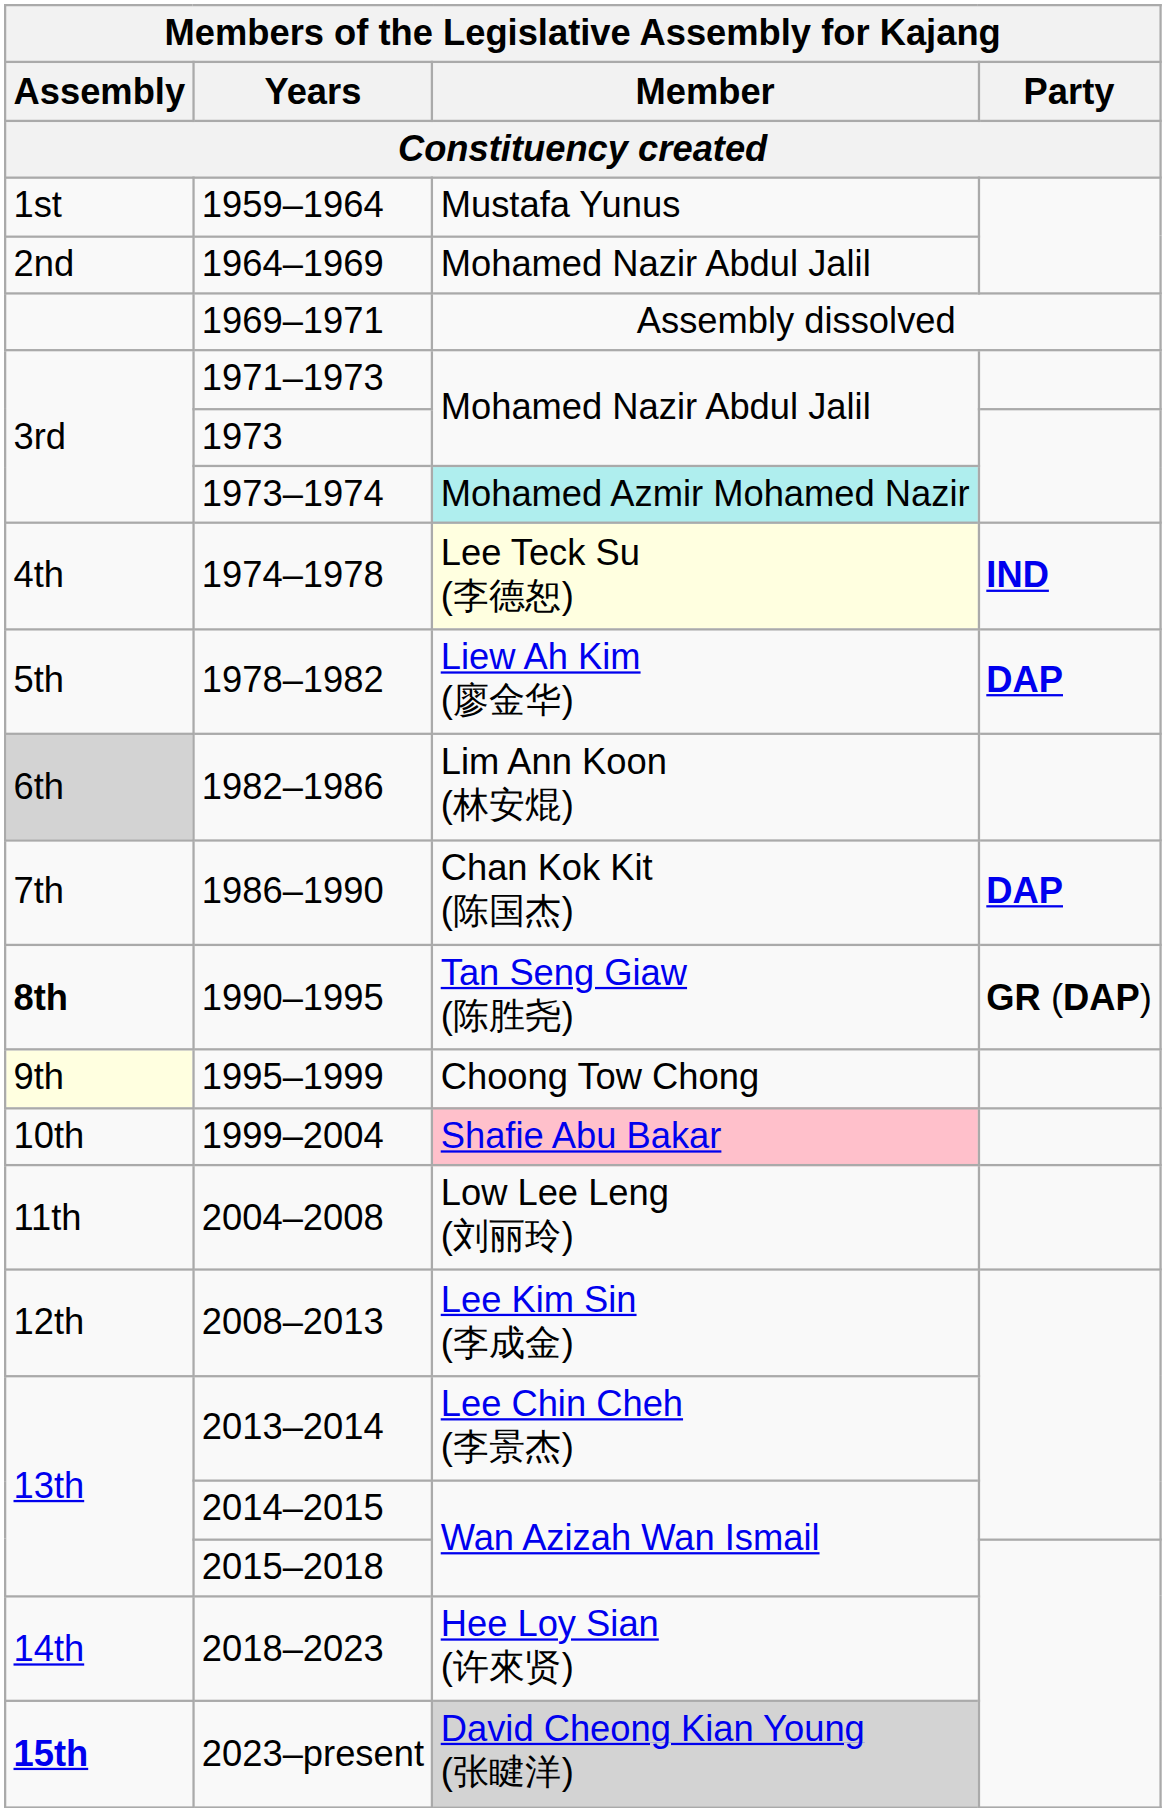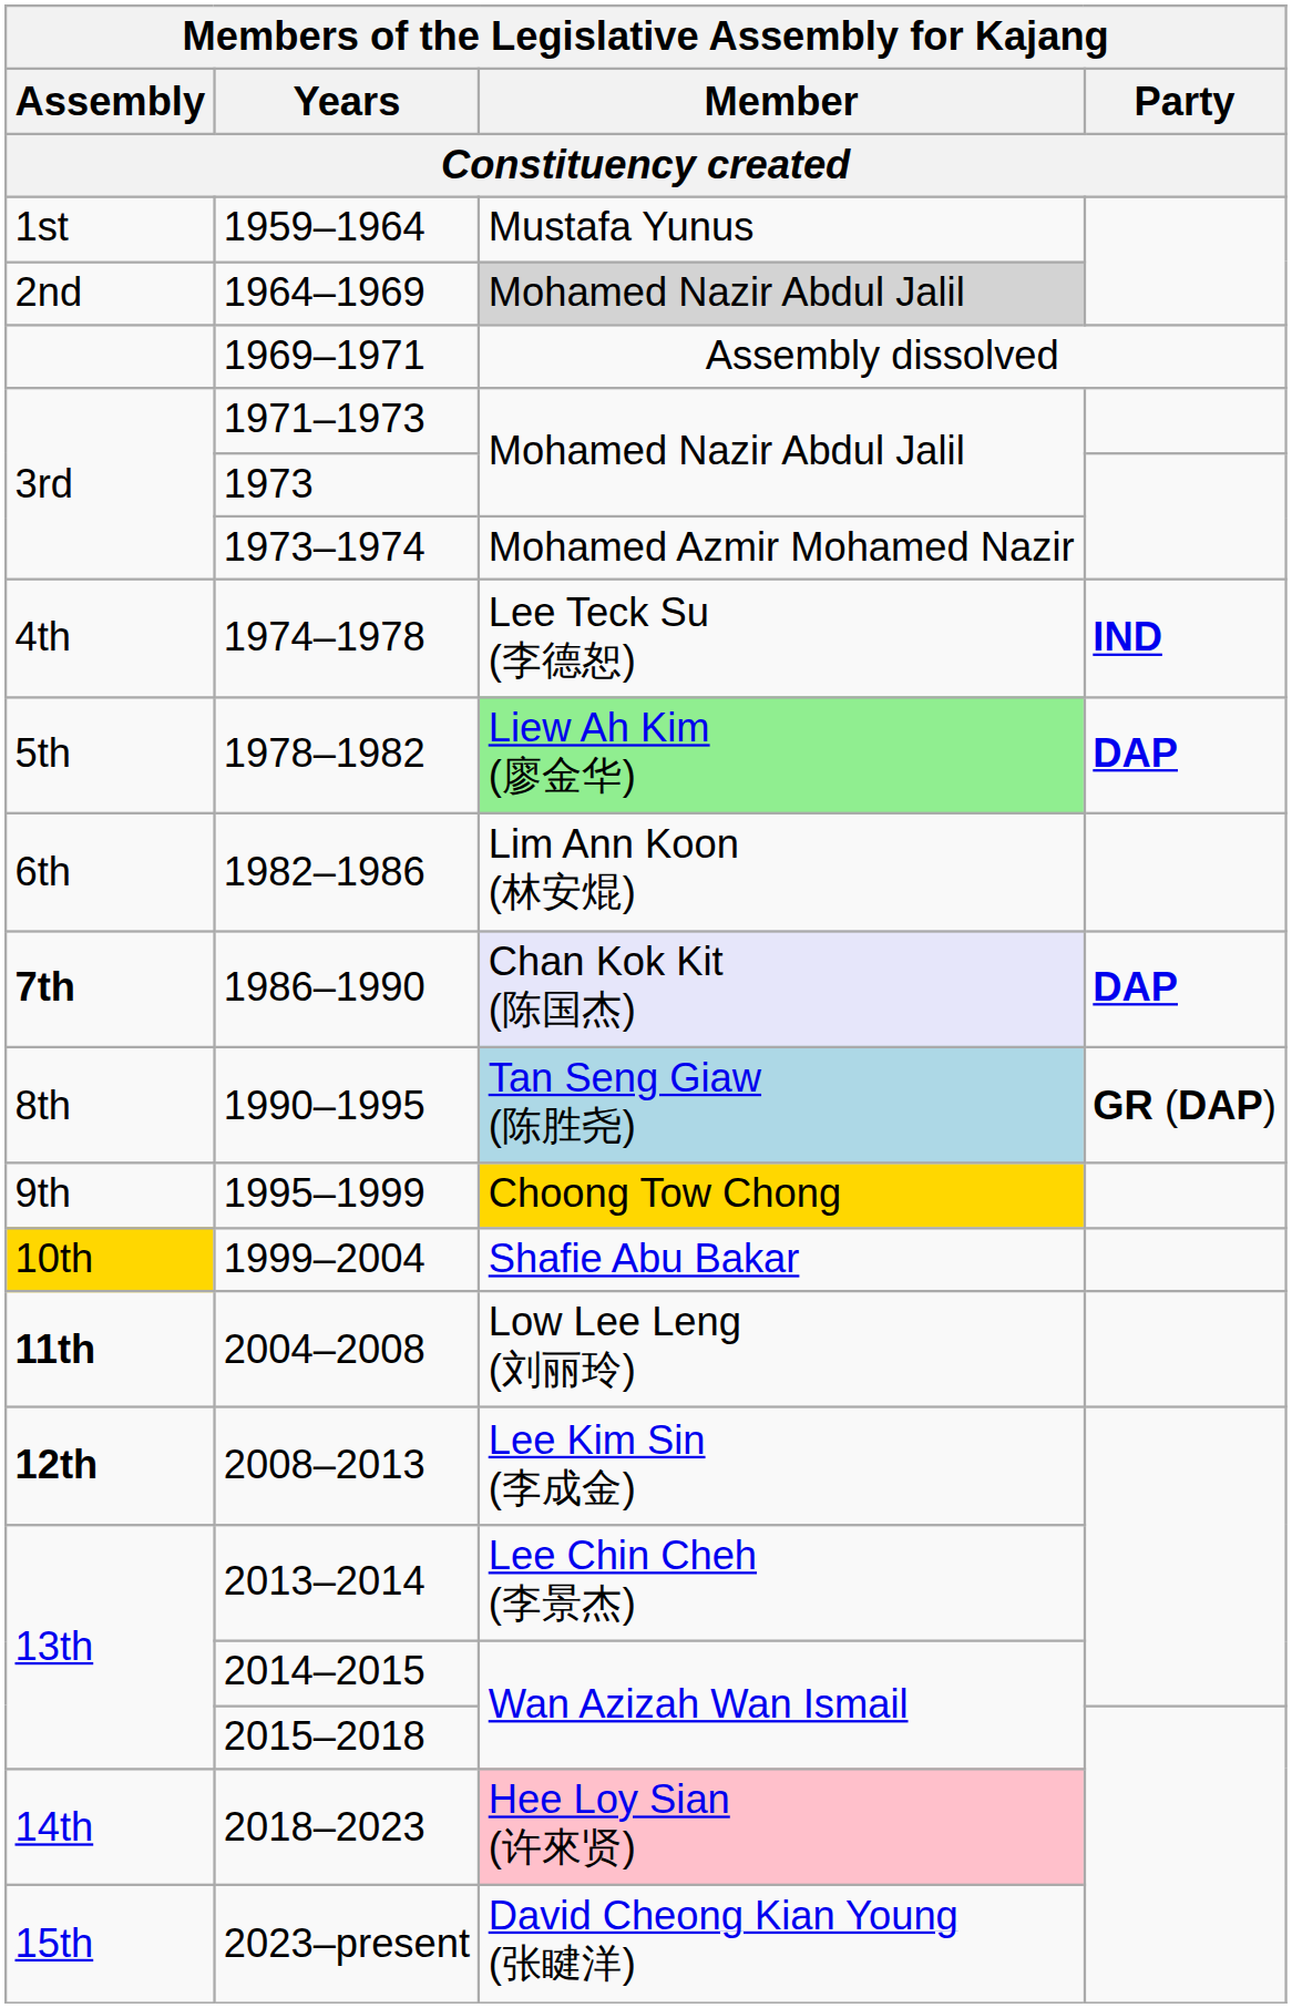 <table class=wikitable>
 <tr>
 <th colspan=4>Members of the Legislative Assembly for Kajang</th>
 </tr>
 <tr>
 <th>Assembly</th>
 <th>Years</th>
 <th>Member</th>
 <th>Party</th>
 </tr>
 <tr>
 <th colspan=4 align=center><em>Constituency created</em></th>
 </tr>
 <tr>
 <td>1st</td>
 <td>1959–1964</td>
 <td>Mustafa Yunus</td>
 <td rowspan=2></td>
 </tr>
 <tr>
 <td>2nd</td>
 <td>1964–1969</td>
-<td>Mohamed Nazir Abdul Jalil</td>
+<td style="background: lightgrey;">Mohamed Nazir Abdul Jalil</td>
 </tr>
 <tr>
 <td></td>
 <td>1969–1971</td>
 <td colspan=2 align=center>Assembly dissolved</td>
 </tr>
 <tr>
 <td rowspan=3>3rd</td>
 <td>1971–1973</td>
 <td rowspan=2>Mohamed Nazir Abdul Jalil</td>
 <td></td>
 </tr>
 <tr>
 <td>1973</td>
 <td rowspan=2></td>
 </tr>
 <tr>
 <td>1973–1974</td>
-<td style="background: paleturquoise;">Mohamed Azmir Mohamed Nazir</td>
+<td>Mohamed Azmir Mohamed Nazir</td>
 </tr>
 <tr>
 <td>4th</td>
 <td>1974–1978</td>
-<td style="background: lightyellow;">Lee Teck Su <br> (李德恕)</td>
+<td>Lee Teck Su <br> (李德恕)</td>
 <td bgcolor=><strong><a href='#'>IND</a></strong></td>
 </tr>
 <tr>
 <td>5th</td>
 <td>1978–1982</td>
-<td><a href='#'>Liew Ah Kim</a> <br> (廖金华)</td>
+<td style="background: lightgreen;"><a href='#'>Liew Ah Kim</a> <br> (廖金华)</td>
 <td><strong><a href='#'>DAP</a></strong></td>
 </tr>
 <tr>
-<td style="background: lightgrey;">6th</td>
+<td>6th</td>
 <td>1982–1986</td>
 <td>Lim Ann Koon <br> (林安焜)</td>
 <td></td>
 </tr>
 <tr>
-<td>7th</td>
+<td><strong>7th</strong></td>
 <td>1986–1990</td>
-<td>Chan Kok Kit <br> (陈国杰)</td>
+<td style="background: lavender;">Chan Kok Kit <br> (陈国杰)</td>
 <td><strong><a href='#'>DAP</a></strong></td>
 </tr>
 <tr>
-<td><strong>8th</strong></td>
+<td>8th</td>
 <td>1990–1995</td>
-<td><a href='#'>Tan Seng Giaw</a> <br> (陈胜尧)</td>
+<td style="background: lightblue;"><a href='#'>Tan Seng Giaw</a> <br> (陈胜尧)</td>
 <td><strong>GR</strong> (<strong>DAP</strong>)</td>
 </tr>
 <tr>
-<td style="background: lightyellow;">9th</td>
+<td>9th</td>
 <td>1995–1999</td>
-<td>Choong Tow Chong</td>
+<td style="background: gold;">Choong Tow Chong</td>
 <td></td>
 </tr>
 <tr>
-<td>10th</td>
+<td style="background: gold;">10th</td>
 <td>1999–2004</td>
-<td style="background: pink;"><a href='#'>Shafie Abu Bakar</a></td>
+<td><a href='#'>Shafie Abu Bakar</a></td>
 <td></td>
 </tr>
 <tr>
-<td>11th</td>
+<td><strong>11th</strong></td>
 <td>2004–2008</td>
 <td>Low Lee Leng <br> (刘丽玲)</td>
 <td></td>
 </tr>
 <tr>
-<td>12th</td>
+<td><strong>12th</strong></td>
 <td>2008–2013</td>
 <td><a href='#'>Lee Kim Sin</a> <br> (李成金)</td>
 <td rowspan="3"></td>
 </tr>
 <tr>
 <td rowspan=3><a href='#'>13th</a></td>
 <td>2013–2014</td>
 <td><a href='#'>Lee Chin Cheh</a> <br> (李景杰)</td>
 </tr>
 <tr>
 <td>2014–2015</td>
 <td rowspan=2><a href='#'>Wan Azizah Wan Ismail</a></td>
 </tr>
 <tr>
 <td>2015–2018</td>
 <td rowspan=3></td>
 </tr>
 <tr>
 <td><a href='#'>14th</a></td>
 <td>2018–2023</td>
-<td><a href='#'>Hee Loy Sian</a> <br> (许來贤)</td>
+<td style="background: pink;"><a href='#'>Hee Loy Sian</a> <br> (许來贤)</td>
 </tr>
 <tr>
-<td><strong><a href='#'>15th</a></strong></td>
+<td><a href='#'>15th</a></td>
 <td>2023–present</td>
-<td style="background: lightgrey;"><a href='#'>David Cheong Kian Young</a> <br> (张睷洋)</td>
+<td><a href='#'>David Cheong Kian Young</a> <br> (张睷洋)</td>
 </tr>
 </table>
